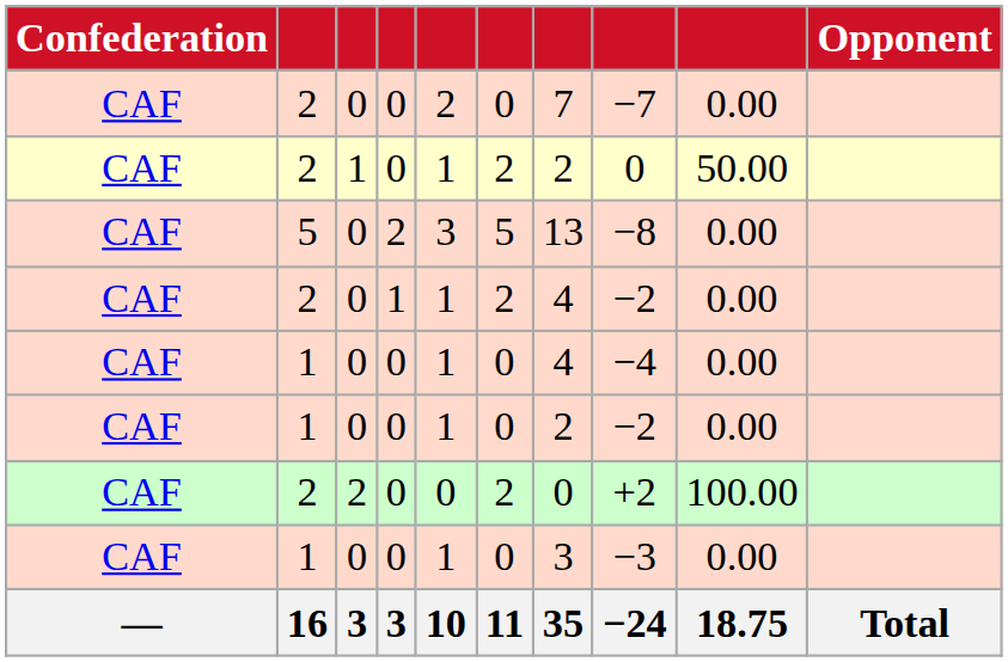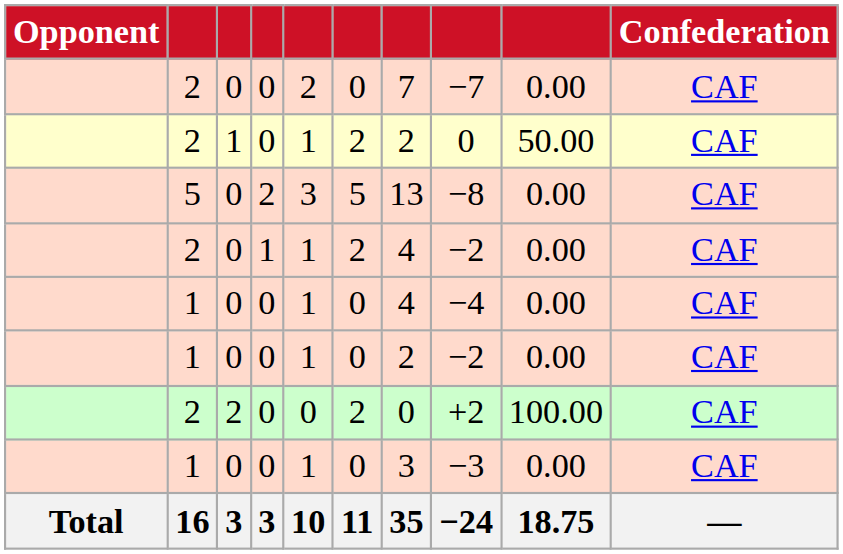 <table class="wikitable sortable" style="text-align:center;">
 <tr style="color:white">
-<th style="background-color:#CE1126;color:white">Confederation</th>
+<th style="background-color:#CE1126;color:white">Opponent</th>
 <th style="background-color:#CE1126;"></th>
 <th style="background-color:#CE1126;"></th>
 <th style="background-color:#CE1126;"></th>
 <th style="background-color:#CE1126;"></th>
 <th style="background-color:#CE1126;"></th>
 <th style="background-color:#CE1126;"></th>
 <th style="background-color:#CE1126;"></th>
 <th style="background-color:#CE1126;"></th>
-<th style="background-color:#CE1126;color:white">Opponent</th>
+<th style="background-color:#CE1126;color:white">Confederation</th>
 </tr>
 <tr bgcolor=FFDACC>
-<td><a href='#'>CAF</a></td>
+<td style="text-align:left;"></td>
 <td>2</td>
 <td>0</td>
 <td>0</td>
 <td>2</td>
 <td>0</td>
 <td>7</td>
 <td>−7</td>
 <td>0.00</td>
-<td style="text-align:left;"></td>
+<td><a href='#'>CAF</a></td>
 </tr>
 <tr bgcolor=FFFFCC>
-<td><a href='#'>CAF</a></td>
+<td style="text-align:left;"></td>
 <td>2</td>
 <td>1</td>
 <td>0</td>
 <td>1</td>
 <td>2</td>
 <td>2</td>
 <td>0</td>
 <td>50.00</td>
-<td style="text-align:left;"></td>
+<td><a href='#'>CAF</a></td>
 </tr>
 <tr bgcolor=FFDACC>
-<td><a href='#'>CAF</a></td>
+<td style="text-align:left;"></td>
 <td>5</td>
 <td>0</td>
 <td>2</td>
 <td>3</td>
 <td>5</td>
 <td>13</td>
 <td>−8</td>
 <td>0.00</td>
-<td style="text-align:left;"></td>
+<td><a href='#'>CAF</a></td>
 </tr>
 <tr bgcolor=FFDACC>
-<td><a href='#'>CAF</a></td>
+<td style="text-align:left;"></td>
 <td>2</td>
 <td>0</td>
 <td>1</td>
 <td>1</td>
 <td>2</td>
 <td>4</td>
 <td>−2</td>
 <td>0.00</td>
-<td style="text-align:left;"></td>
+<td><a href='#'>CAF</a></td>
 </tr>
 <tr bgcolor=FFDACC>
-<td><a href='#'>CAF</a></td>
+<td style="text-align:left;"></td>
 <td>1</td>
 <td>0</td>
 <td>0</td>
 <td>1</td>
 <td>0</td>
 <td>4</td>
 <td>−4</td>
 <td>0.00</td>
-<td style="text-align:left;"></td>
+<td><a href='#'>CAF</a></td>
 </tr>
 <tr bgcolor=FFDACC>
-<td><a href='#'>CAF</a></td>
+<td style="text-align:left;"></td>
 <td>1</td>
 <td>0</td>
 <td>0</td>
 <td>1</td>
 <td>0</td>
 <td>2</td>
 <td>−2</td>
 <td>0.00</td>
-<td style="text-align:left;"></td>
+<td><a href='#'>CAF</a></td>
 </tr>
 <tr bgcolor=CCFFCC>
-<td><a href='#'>CAF</a></td>
+<td style="text-align:left;"></td>
 <td>2</td>
 <td>2</td>
 <td>0</td>
 <td>0</td>
 <td>2</td>
 <td>0</td>
 <td>+2</td>
 <td>100.00</td>
-<td style="text-align:left;"></td>
+<td><a href='#'>CAF</a></td>
 </tr>
 <tr bgcolor=FFDACC>
-<td><a href='#'>CAF</a></td>
+<td style="text-align:left;"></td>
 <td>1</td>
 <td>0</td>
 <td>0</td>
 <td>1</td>
 <td>0</td>
 <td>3</td>
 <td>−3</td>
 <td>0.00</td>
-<td style="text-align:left;"></td>
+<td><a href='#'>CAF</a></td>
 </tr>
 <tr>
-<th>—</th>
+<th>Total</th>
 <th>16</th>
 <th>3</th>
 <th>3</th>
 <th>10</th>
 <th>11</th>
 <th>35</th>
 <th>−24</th>
 <th>18.75</th>
-<th>Total</th>
+<th>—</th>
 </tr>
 </table>
